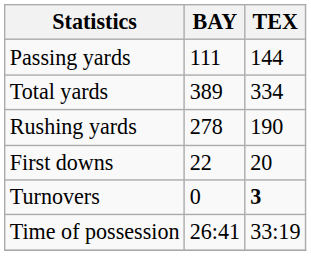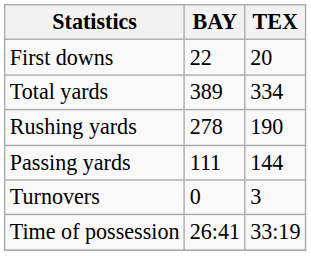 <table class="wikitable">
 <tr>
 <th>Statistics</th>
 <th>BAY</th>
 <th>TEX</th>
 </tr>
 <tr>
-<td>Passing yards</td>
-<td>111</td>
-<td>144</td>
+<td>First downs</td>
+<td>22</td>
+<td>20</td>
 </tr>
 <tr>
 <td>Total yards</td>
 <td>389</td>
 <td>334</td>
 </tr>
 <tr>
 <td>Rushing yards</td>
 <td>278</td>
 <td>190</td>
 </tr>
 <tr>
-<td>First downs</td>
-<td>22</td>
-<td>20</td>
+<td>Passing yards</td>
+<td>111</td>
+<td>144</td>
 </tr>
 <tr>
 <td>Turnovers</td>
 <td>0</td>
-<td><strong>3</strong></td>
+<td>3</td>
 </tr>
 <tr>
 <td>Time of possession</td>
 <td>26:41</td>
 <td>33:19</td>
 </tr>
 <tr>
 </tr>
 </table>
